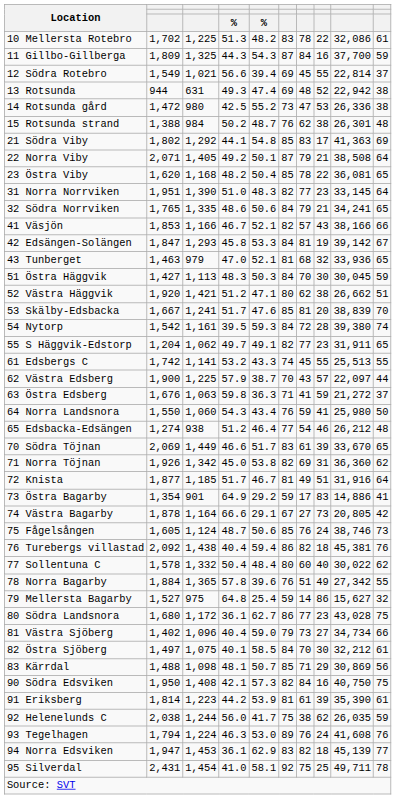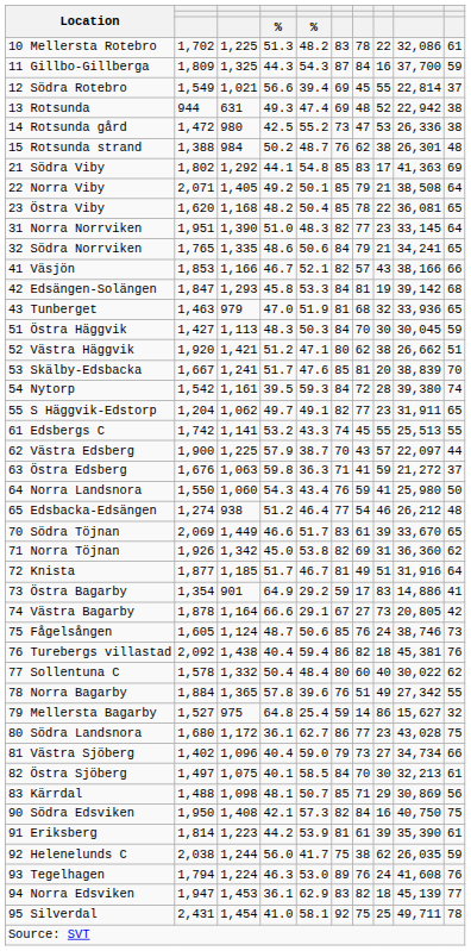 <table role="presentation" class="wikitable sortable mw-collapsible mw-collapsed">
 <tr>
 <th rowspan="3">Location</th>
 <th></th>
 <th></th>
 <th></th>
 <th></th>
 <th></th>
 <th></th>
 <th></th>
 <th></th>
 <th></th>
 </tr>
 <tr>
 <th></th>
 <th></th>
 <th style="background:"></th>
 <th style="background:"></th>
 <th></th>
 <th></th>
 <th></th>
 <th></th>
 <th></th>
 </tr>
 <tr>
 <th data-sort-type="number"></th>
 <th data-sort-type="number"></th>
 <th data-sort-type="number">%</th>
 <th data-sort-type="number">%</th>
 <th data-sort-type="number"></th>
 <th data-sort-type="number"></th>
 <th data-sort-type="number"></th>
 <th data-sort-type="number"></th>
 <th data-sort-type="number"></th>
 </tr>
 <tr>
 <td align="left">10 Mellersta Rotebro</td>
 <td>1,702</td>
 <td>1,225</td>
 <td>51.3</td>
 <td>48.2</td>
 <td>83</td>
 <td>78</td>
 <td>22</td>
 <td>32,086</td>
 <td>61</td>
 </tr>
 <tr>
 <td align="left">11 Gillbo-Gillberga</td>
 <td>1,809</td>
 <td>1,325</td>
 <td>44.3</td>
 <td>54.3</td>
 <td>87</td>
 <td>84</td>
 <td>16</td>
 <td>37,700</td>
 <td>59</td>
 </tr>
 <tr>
 <td align="left">12 Södra Rotebro</td>
 <td>1,549</td>
 <td>1,021</td>
 <td>56.6</td>
 <td>39.4</td>
 <td>69</td>
 <td>45</td>
 <td>55</td>
 <td>22,814</td>
 <td>37</td>
 </tr>
 <tr>
 <td align="left">13 Rotsunda</td>
 <td>944</td>
 <td>631</td>
 <td>49.3</td>
 <td>47.4</td>
 <td>69</td>
 <td>48</td>
 <td>52</td>
 <td>22,942</td>
 <td>38</td>
 </tr>
 <tr>
 <td align="left">14 Rotsunda gård</td>
 <td>1,472</td>
 <td>980</td>
 <td>42.5</td>
 <td>55.2</td>
 <td>73</td>
 <td>47</td>
 <td>53</td>
 <td>26,336</td>
 <td>38</td>
 </tr>
 <tr>
 <td align="left">15 Rotsunda strand</td>
 <td>1,388</td>
 <td>984</td>
 <td>50.2</td>
 <td>48.7</td>
 <td>76</td>
 <td>62</td>
 <td>38</td>
 <td>26,301</td>
 <td>48</td>
 </tr>
 <tr>
 <td align="left">21 Södra Viby</td>
 <td>1,802</td>
 <td>1,292</td>
 <td>44.1</td>
 <td>54.8</td>
 <td>85</td>
 <td>83</td>
 <td>17</td>
 <td>41,363</td>
 <td>69</td>
 </tr>
 <tr>
 <td align="left">22 Norra Viby</td>
 <td>2,071</td>
 <td>1,405</td>
 <td>49.2</td>
 <td>50.1</td>
-<td>87</td>
+<td>85</td>
 <td>79</td>
 <td>21</td>
 <td>38,508</td>
 <td>64</td>
 </tr>
 <tr>
 <td align="left">23 Östra Viby</td>
 <td>1,620</td>
 <td>1,168</td>
 <td>48.2</td>
 <td>50.4</td>
 <td>85</td>
 <td>78</td>
 <td>22</td>
 <td>36,081</td>
 <td>65</td>
 </tr>
 <tr>
 <td align="left">31 Norra Norrviken</td>
 <td>1,951</td>
 <td>1,390</td>
 <td>51.0</td>
 <td>48.3</td>
 <td>82</td>
 <td>77</td>
 <td>23</td>
 <td>33,145</td>
 <td>64</td>
 </tr>
 <tr>
 <td align="left">32 Södra Norrviken</td>
 <td>1,765</td>
 <td>1,335</td>
 <td>48.6</td>
 <td>50.6</td>
 <td>84</td>
 <td>79</td>
 <td>21</td>
 <td>34,241</td>
 <td>65</td>
 </tr>
 <tr>
 <td align="left">41 Väsjön</td>
 <td>1,853</td>
 <td>1,166</td>
 <td>46.7</td>
 <td>52.1</td>
 <td>82</td>
 <td>57</td>
 <td>43</td>
 <td>38,166</td>
 <td>66</td>
 </tr>
 <tr>
 <td align="left">42 Edsängen-Solängen</td>
 <td>1,847</td>
 <td>1,293</td>
 <td>45.8</td>
 <td>53.3</td>
 <td>84</td>
 <td>81</td>
 <td>19</td>
 <td>39,142</td>
-<td>67</td>
+<td>68</td>
 </tr>
 <tr>
 <td align="left">43 Tunberget</td>
 <td>1,463</td>
 <td>979</td>
 <td>47.0</td>
-<td>52.1</td>
+<td>51.9</td>
 <td>81</td>
 <td>68</td>
 <td>32</td>
 <td>33,936</td>
 <td>65</td>
 </tr>
 <tr>
 <td align="left">51 Östra Häggvik</td>
 <td>1,427</td>
 <td>1,113</td>
 <td>48.3</td>
 <td>50.3</td>
 <td>84</td>
 <td>70</td>
 <td>30</td>
 <td>30,045</td>
 <td>59</td>
 </tr>
 <tr>
 <td align="left">52 Västra Häggvik</td>
 <td>1,920</td>
 <td>1,421</td>
 <td>51.2</td>
 <td>47.1</td>
 <td>80</td>
 <td>62</td>
 <td>38</td>
 <td>26,662</td>
 <td>51</td>
 </tr>
 <tr>
 <td align="left">53 Skälby-Edsbacka</td>
 <td>1,667</td>
 <td>1,241</td>
 <td>51.7</td>
 <td>47.6</td>
 <td>85</td>
 <td>81</td>
 <td>20</td>
 <td>38,839</td>
 <td>70</td>
 </tr>
 <tr>
 <td align="left">54 Nytorp</td>
 <td>1,542</td>
 <td>1,161</td>
 <td>39.5</td>
 <td>59.3</td>
 <td>84</td>
 <td>72</td>
 <td>28</td>
 <td>39,380</td>
 <td>74</td>
 </tr>
 <tr>
 <td align="left">55 S Häggvik-Edstorp</td>
 <td>1,204</td>
 <td>1,062</td>
 <td>49.7</td>
 <td>49.1</td>
 <td>82</td>
 <td>77</td>
 <td>23</td>
 <td>31,911</td>
 <td>65</td>
 </tr>
 <tr>
 <td align="left">61 Edsbergs C</td>
 <td>1,742</td>
 <td>1,141</td>
 <td>53.2</td>
 <td>43.3</td>
 <td>74</td>
 <td>45</td>
 <td>55</td>
 <td>25,513</td>
 <td>55</td>
 </tr>
 <tr>
 <td align="left">62 Västra Edsberg</td>
 <td>1,900</td>
 <td>1,225</td>
 <td>57.9</td>
 <td>38.7</td>
 <td>70</td>
 <td>43</td>
 <td>57</td>
 <td>22,097</td>
 <td>44</td>
 </tr>
 <tr>
 <td align="left">63 Östra Edsberg</td>
 <td>1,676</td>
 <td>1,063</td>
 <td>59.8</td>
 <td>36.3</td>
 <td>71</td>
 <td>41</td>
 <td>59</td>
 <td>21,272</td>
 <td>37</td>
 </tr>
 <tr>
 <td align="left">64 Norra Landsnora</td>
 <td>1,550</td>
 <td>1,060</td>
 <td>54.3</td>
 <td>43.4</td>
 <td>76</td>
 <td>59</td>
 <td>41</td>
 <td>25,980</td>
 <td>50</td>
 </tr>
 <tr>
 <td align="left">65 Edsbacka-Edsängen</td>
 <td>1,274</td>
 <td>938</td>
 <td>51.2</td>
 <td>46.4</td>
 <td>77</td>
 <td>54</td>
 <td>46</td>
 <td>26,212</td>
 <td>48</td>
 </tr>
 <tr>
 <td align="left">70 Södra Töjnan</td>
 <td>2,069</td>
 <td>1,449</td>
 <td>46.6</td>
 <td>51.7</td>
 <td>83</td>
 <td>61</td>
 <td>39</td>
 <td>33,670</td>
 <td>65</td>
 </tr>
 <tr>
 <td align="left">71 Norra Töjnan</td>
 <td>1,926</td>
 <td>1,342</td>
 <td>45.0</td>
 <td>53.8</td>
 <td>82</td>
 <td>69</td>
 <td>31</td>
 <td>36,360</td>
 <td>62</td>
 </tr>
 <tr>
 <td align="left">72 Knista</td>
 <td>1,877</td>
 <td>1,185</td>
 <td>51.7</td>
 <td>46.7</td>
 <td>81</td>
 <td>49</td>
 <td>51</td>
 <td>31,916</td>
 <td>64</td>
 </tr>
 <tr>
 <td align="left">73 Östra Bagarby</td>
 <td>1,354</td>
 <td>901</td>
 <td>64.9</td>
 <td>29.2</td>
 <td>59</td>
 <td>17</td>
 <td>83</td>
 <td>14,886</td>
 <td>41</td>
 </tr>
 <tr>
 <td align="left">74 Västra Bagarby</td>
 <td>1,878</td>
 <td>1,164</td>
 <td>66.6</td>
 <td>29.1</td>
 <td>67</td>
 <td>27</td>
 <td>73</td>
 <td>20,805</td>
 <td>42</td>
 </tr>
 <tr>
 <td align="left">75 Fågelsången</td>
 <td>1,605</td>
 <td>1,124</td>
 <td>48.7</td>
 <td>50.6</td>
 <td>85</td>
 <td>76</td>
 <td>24</td>
 <td>38,746</td>
 <td>73</td>
 </tr>
 <tr>
 <td align="left">76 Turebergs villastad</td>
 <td>2,092</td>
 <td>1,438</td>
 <td>40.4</td>
 <td>59.4</td>
 <td>86</td>
 <td>82</td>
 <td>18</td>
 <td>45,381</td>
 <td>76</td>
 </tr>
 <tr>
 <td align="left">77 Sollentuna C</td>
 <td>1,578</td>
 <td>1,332</td>
 <td>50.4</td>
 <td>48.4</td>
 <td>80</td>
 <td>60</td>
 <td>40</td>
 <td>30,022</td>
 <td>62</td>
 </tr>
 <tr>
 <td align="left">78 Norra Bagarby</td>
 <td>1,884</td>
 <td>1,365</td>
 <td>57.8</td>
 <td>39.6</td>
 <td>76</td>
 <td>51</td>
 <td>49</td>
 <td>27,342</td>
 <td>55</td>
 </tr>
 <tr>
 <td align="left">79 Mellersta Bagarby</td>
 <td>1,527</td>
 <td>975</td>
 <td>64.8</td>
 <td>25.4</td>
 <td>59</td>
 <td>14</td>
 <td>86</td>
 <td>15,627</td>
 <td>32</td>
 </tr>
 <tr>
 <td align="left">80 Södra Landsnora</td>
 <td>1,680</td>
 <td>1,172</td>
 <td>36.1</td>
 <td>62.7</td>
 <td>86</td>
 <td>77</td>
 <td>23</td>
 <td>43,028</td>
 <td>75</td>
 </tr>
 <tr>
 <td align="left">81 Västra Sjöberg</td>
 <td>1,402</td>
 <td>1,096</td>
 <td>40.4</td>
 <td>59.0</td>
 <td>79</td>
 <td>73</td>
 <td>27</td>
 <td>34,734</td>
 <td>66</td>
 </tr>
 <tr>
 <td align="left">82 Östra Sjöberg</td>
 <td>1,497</td>
 <td>1,075</td>
 <td>40.1</td>
 <td>58.5</td>
 <td>84</td>
 <td>70</td>
 <td>30</td>
-<td>32,212</td>
+<td>32,213</td>
 <td>61</td>
 </tr>
 <tr>
 <td align="left">83 Kärrdal</td>
 <td>1,488</td>
 <td>1,098</td>
 <td>48.1</td>
 <td>50.7</td>
 <td>85</td>
 <td>71</td>
 <td>29</td>
 <td>30,869</td>
 <td>56</td>
 </tr>
 <tr>
 <td align="left">90 Södra Edsviken</td>
 <td>1,950</td>
 <td>1,408</td>
 <td>42.1</td>
 <td>57.3</td>
 <td>82</td>
 <td>84</td>
 <td>16</td>
 <td>40,750</td>
 <td>75</td>
 </tr>
 <tr>
 <td align="left">91 Eriksberg</td>
 <td>1,814</td>
 <td>1,223</td>
 <td>44.2</td>
 <td>53.9</td>
 <td>81</td>
 <td>61</td>
 <td>39</td>
 <td>35,390</td>
 <td>61</td>
 </tr>
 <tr>
 <td align="left">92 Helenelunds C</td>
 <td>2,038</td>
 <td>1,244</td>
 <td>56.0</td>
 <td>41.7</td>
 <td>75</td>
 <td>38</td>
 <td>62</td>
 <td>26,035</td>
 <td>59</td>
 </tr>
 <tr>
 <td align="left">93 Tegelhagen</td>
 <td>1,794</td>
 <td>1,224</td>
 <td>46.3</td>
 <td>53.0</td>
 <td>89</td>
 <td>76</td>
 <td>24</td>
 <td>41,608</td>
 <td>76</td>
 </tr>
 <tr>
 <td align="left">94 Norra Edsviken</td>
 <td>1,947</td>
 <td>1,453</td>
 <td>36.1</td>
 <td>62.9</td>
 <td>83</td>
 <td>82</td>
 <td>18</td>
 <td>45,139</td>
 <td>77</td>
 </tr>
 <tr>
 <td align="left">95 Silverdal</td>
 <td>2,431</td>
 <td>1,454</td>
 <td>41.0</td>
 <td>58.1</td>
 <td>92</td>
 <td>75</td>
 <td>25</td>
 <td>49,711</td>
 <td>78</td>
 </tr>
 <tr>
 <td colspan="10" align="left">Source: <a href='#'>SVT</a></td>
 </tr>
 </table>
